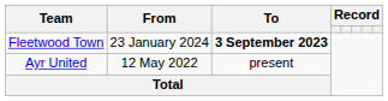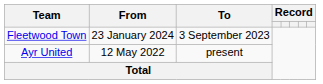 <table class=wikitable style=text-align:center>
 <tr>
 <th rowspan=2>Team</th>
 <th rowspan=2>From</th>
 <th rowspan=2>To</th>
 <th colspan=5>Record</th>
 </tr>
 <tr>
 <th></th>
 <th></th>
 <th></th>
 <th></th>
 <th></th>
 </tr>
 <tr>
 <td align=centre><a href='#'>Fleetwood Town</a></td>
 <td align=centre>23 January 2024</td>
-<td align=centre><strong>3 September 2023<br></strong></td>
+<td align=centre>3 September 2023<br></td>
 </tr>
 <tr>
 <td align=centre><a href='#'>Ayr United</a></td>
 <td align=centre>12 May 2022</td>
 <td align=centre>present<br></td>
 </tr>
 <tr>
 <th colspan=3>Total<br></th>
 </tr>
 </table>
